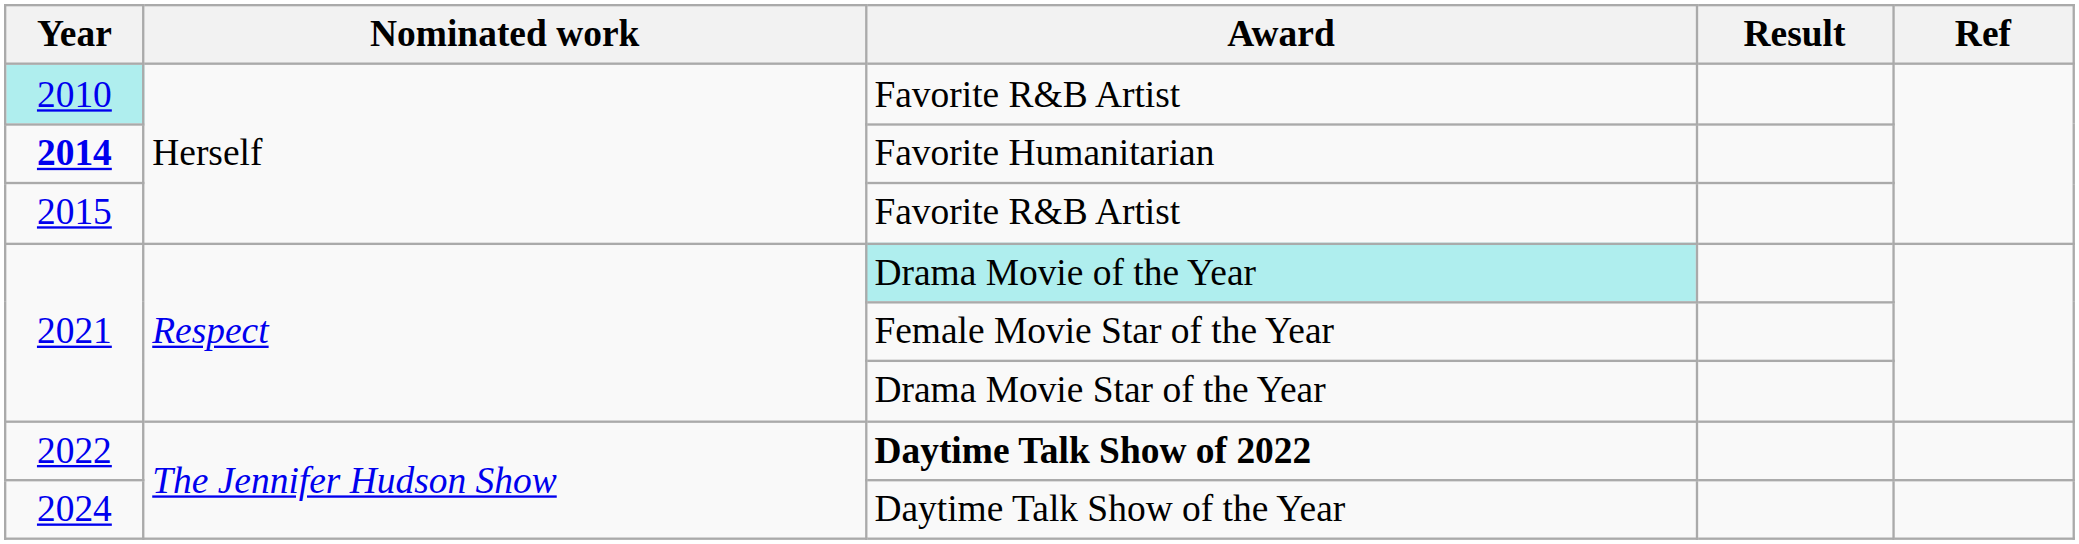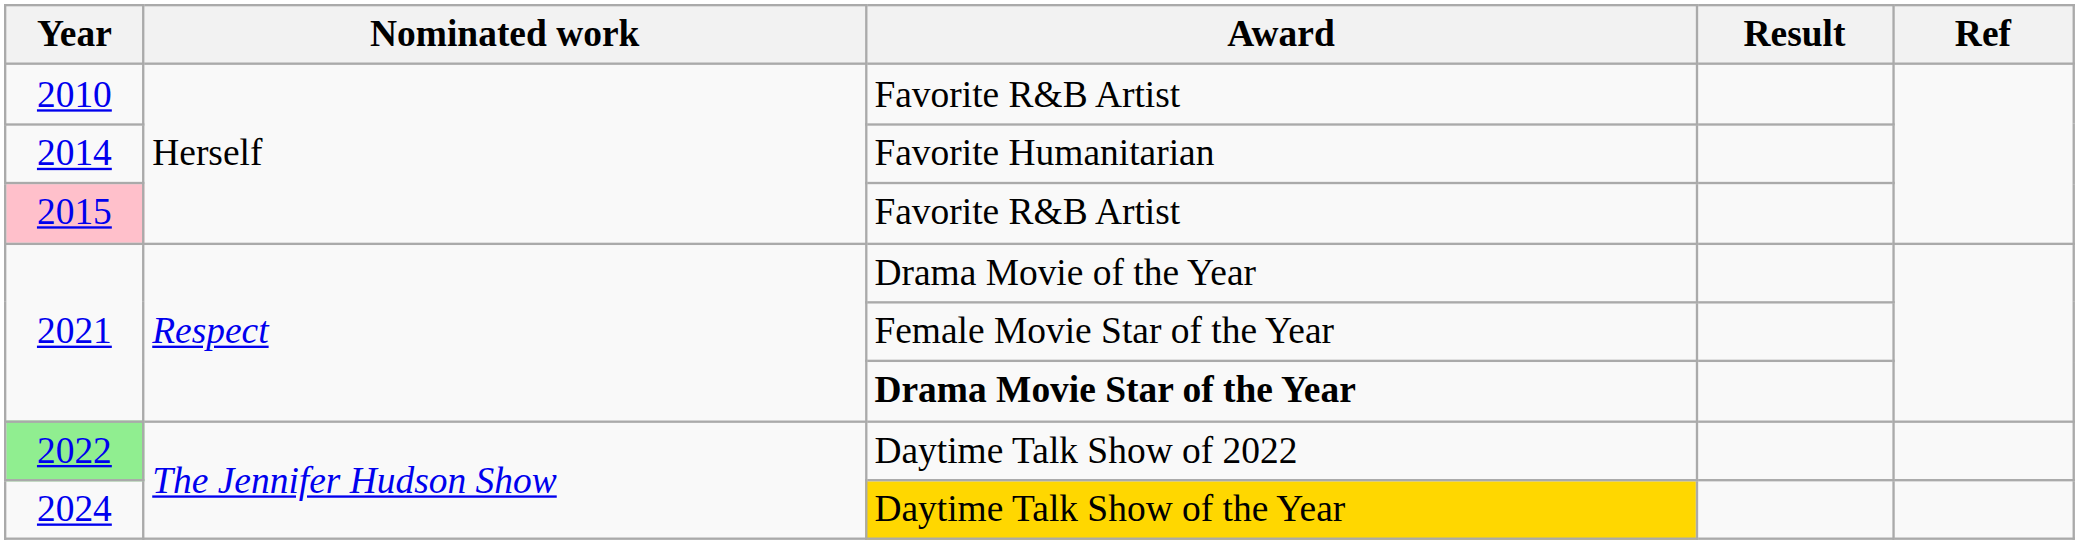 <table class="wikitable" style="width:70%;">
 <tr>
 <th style="width:3%;">Year</th>
 <th style="width:20%;">Nominated work</th>
 <th style="width:23%;">Award</th>
 <th style="width:5%;">Result</th>
 <th style="width:5%;">Ref</th>
 </tr>
 <tr>
-<td align="center" style="background: paleturquoise;"><a href='#'>2010</a></td>
+<td align="center"><a href='#'>2010</a></td>
 <td rowspan="3">Herself</td>
 <td>Favorite R&B Artist</td>
 <td></td>
 <td rowspan="3" align="center"></td>
 </tr>
 <tr>
-<td align="center"><strong><a href='#'>2014</a></strong></td>
+<td align="center"><a href='#'>2014</a></td>
 <td>Favorite Humanitarian</td>
 <td></td>
 </tr>
 <tr>
-<td align="center"><a href='#'>2015</a></td>
+<td align="center" style="background: pink;"><a href='#'>2015</a></td>
 <td>Favorite R&B Artist</td>
 <td></td>
 </tr>
 <tr>
 <td rowspan="3" align="center"><a href='#'>2021</a></td>
 <td rowspan="3"><em><a href='#'>Respect</a></em></td>
-<td style="background: paleturquoise;">Drama Movie of the Year</td>
+<td>Drama Movie of the Year</td>
 <td></td>
 <td rowspan="3" align="center"></td>
 </tr>
 <tr>
 <td>Female Movie Star of the Year</td>
 <td></td>
 </tr>
 <tr>
-<td>Drama Movie Star of the Year</td>
+<td><strong>Drama Movie Star of the Year</strong></td>
 <td></td>
 </tr>
 <tr>
-<td align="center"><a href='#'>2022</a></td>
+<td align="center" style="background: lightgreen;"><a href='#'>2022</a></td>
 <td rowspan="2"><em><a href='#'>The Jennifer Hudson Show</a></em></td>
-<td><strong>Daytime Talk Show of 2022</strong></td>
+<td>Daytime Talk Show of 2022</td>
 <td></td>
 <td align="center"></td>
 </tr>
 <tr>
 <td align="center"><a href='#'>2024</a></td>
-<td>Daytime Talk Show of the Year</td>
+<td style="background: gold;">Daytime Talk Show of the Year</td>
 <td></td>
 <td align="center"></td>
 </tr>
 </table>
